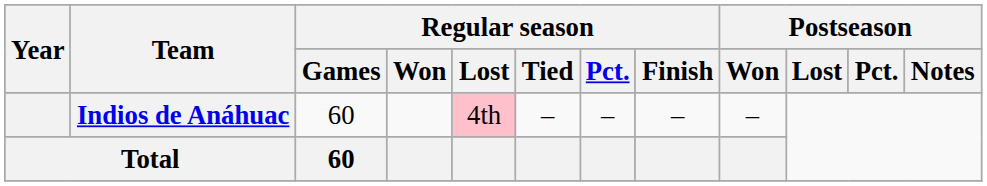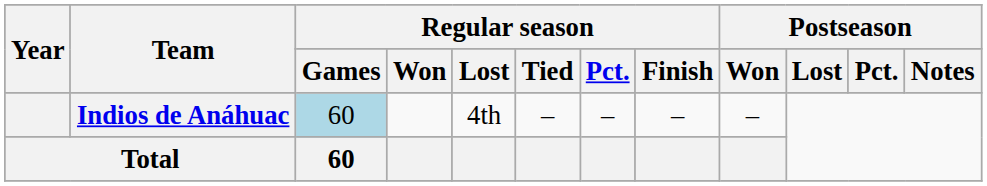 <table class="wikitable" style="font-size: 95%; text-align:center;">
 <tr>
 <th rowspan="2">Year</th>
 <th rowspan="2">Team</th>
 <th colspan="6">Regular season</th>
 <th colspan="4">Postseason</th>
 </tr>
 <tr>
 <th scope=col>Games</th>
 <th scope=col>Won</th>
 <th scope=col>Lost</th>
 <th scope=col>Tied</th>
 <th scope=col><a href='#'>Pct.</a></th>
 <th scope=col>Finish</th>
 <th scope=col>Won</th>
 <th scope=col>Lost</th>
 <th scope=col>Pct.</th>
 <th scope=col>Notes</th>
 </tr>
 <tr>
 <th></th>
 <th><a href='#'>Indios de Anáhuac</a></th>
-<td>60</td>
+<td style="background: lightblue;">60</td>
 <td></td>
-<td style="background: pink;">4th</td>
+<td>4th</td>
 <td>–</td>
 <td>–</td>
 <td>–</td>
 <td>–</td>
 </tr>
 <tr>
 <th colspan="2">Total</th>
 <th>60</th>
 <th></th>
 <th></th>
 <th></th>
 <th></th>
 <th></th>
 <th></th>
 </tr>
 </table>
